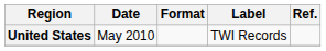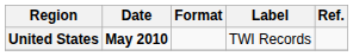 <table class="wikitable plainrowheaders">
 <tr>
 <th scope="col">Region</th>
 <th scope="col">Date</th>
 <th scope="col">Format</th>
 <th scope="col">Label</th>
 <th scope="col">Ref.</th>
 </tr>
 <tr>
 <th scope="row">United States</th>
-<td>May 2010</td>
+<td><strong>May 2010</strong></td>
 <td></td>
 <td>TWI Records</td>
 <td></td>
 </tr>
 <tr>
 </tr>
 </table>
